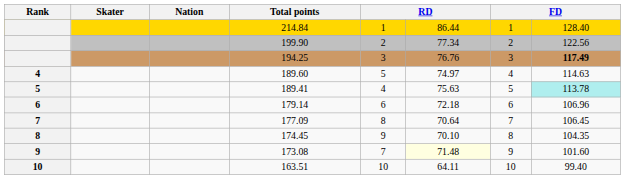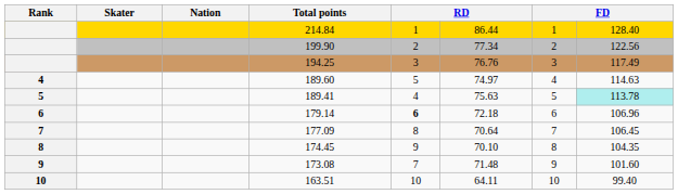 <table class="wikitable sortable" style="text-align:center;" width="80%">
 <tr>
 <th scope="col">Rank</th>
 <th scope="col">Skater</th>
 <th scope="col">Nation</th>
 <th scope="col">Total points</th>
 <th scope="col" colspan="2" width="80px"><a href='#'>RD</a></th>
 <th scope="col" colspan="2" width="80px"><a href='#'>FD</a></th>
 </tr>
 <tr bgcolor="gold">
 <th scope="row"></th>
 <td align="left"></td>
 <td align="left"></td>
 <td>214.84</td>
 <td>1</td>
 <td>86.44</td>
 <td>1</td>
 <td>128.40</td>
 </tr>
 <tr bgcolor="silver">
 <th scope="row"></th>
 <td align="left"></td>
 <td align="left"></td>
 <td>199.90</td>
 <td>2</td>
 <td>77.34</td>
 <td>2</td>
 <td>122.56</td>
 </tr>
 <tr bgcolor="cc9966">
 <th scope="row"></th>
 <td align="left"></td>
 <td align="left"></td>
 <td>194.25</td>
 <td>3</td>
 <td>76.76</td>
 <td>3</td>
-<td><strong>117.49</strong></td>
+<td>117.49</td>
 </tr>
 <tr>
 <th scope="row">4</th>
 <td align="left"></td>
 <td align="left"></td>
 <td>189.60</td>
 <td>5</td>
 <td>74.97</td>
 <td>4</td>
 <td>114.63</td>
 </tr>
 <tr>
 <th scope="row">5</th>
 <td align="left"></td>
 <td align="left"></td>
 <td>189.41</td>
 <td>4</td>
 <td>75.63</td>
 <td>5</td>
 <td style="background: paleturquoise;">113.78</td>
 </tr>
 <tr>
 <th scope="row">6</th>
 <td align="left"></td>
 <td align="left"></td>
 <td>179.14</td>
-<td>6</td>
+<td><strong>6</strong></td>
 <td>72.18</td>
 <td>6</td>
 <td>106.96</td>
 </tr>
 <tr>
 <th scope="row">7</th>
 <td align="left"></td>
 <td align="left"></td>
 <td>177.09</td>
 <td>8</td>
 <td>70.64</td>
 <td>7</td>
 <td>106.45</td>
 </tr>
 <tr>
 <th scope="row">8</th>
 <td align="left"></td>
 <td align="left"></td>
 <td>174.45</td>
 <td>9</td>
 <td>70.10</td>
 <td>8</td>
 <td>104.35</td>
 </tr>
 <tr>
 <th scope="row">9</th>
 <td align="left"></td>
 <td align="left"></td>
 <td>173.08</td>
 <td>7</td>
-<td style="background: lightyellow;">71.48</td>
+<td>71.48</td>
 <td>9</td>
 <td>101.60</td>
 </tr>
 <tr>
 <th scope="row">10</th>
 <td align="left"></td>
 <td align="left"></td>
 <td>163.51</td>
 <td>10</td>
 <td>64.11</td>
 <td>10</td>
 <td>99.40</td>
 </tr>
 </table>
